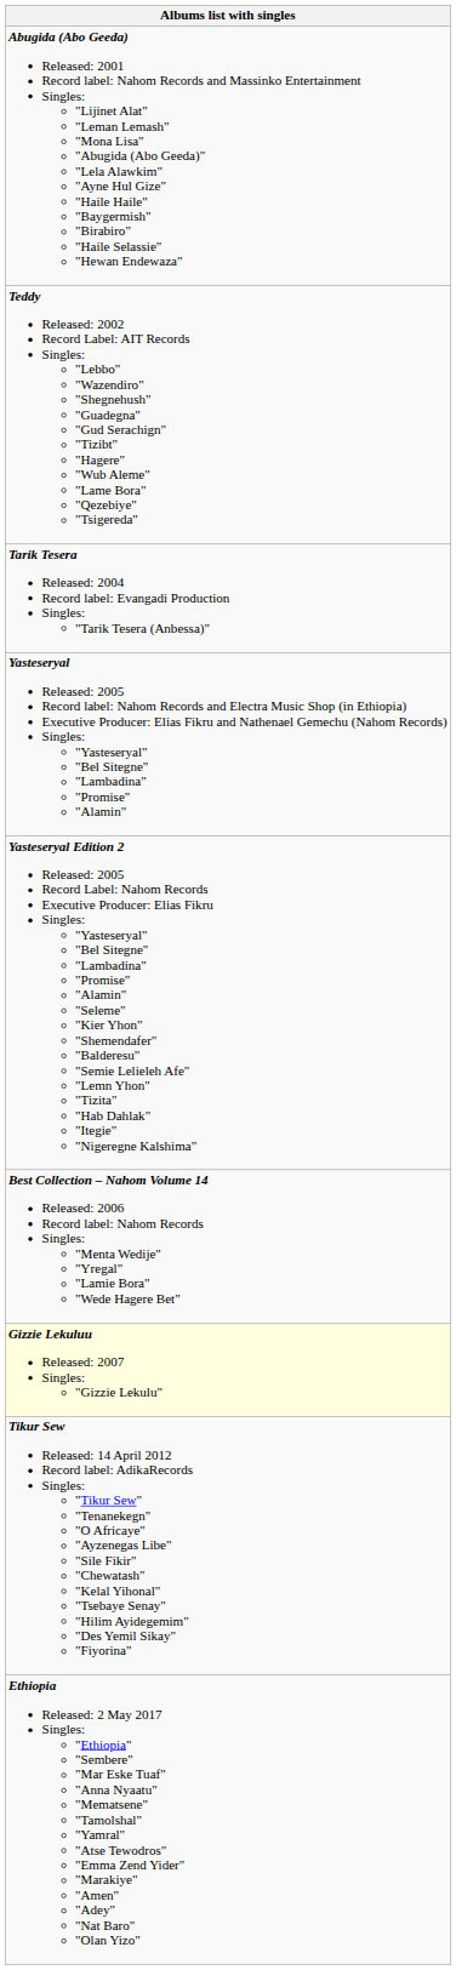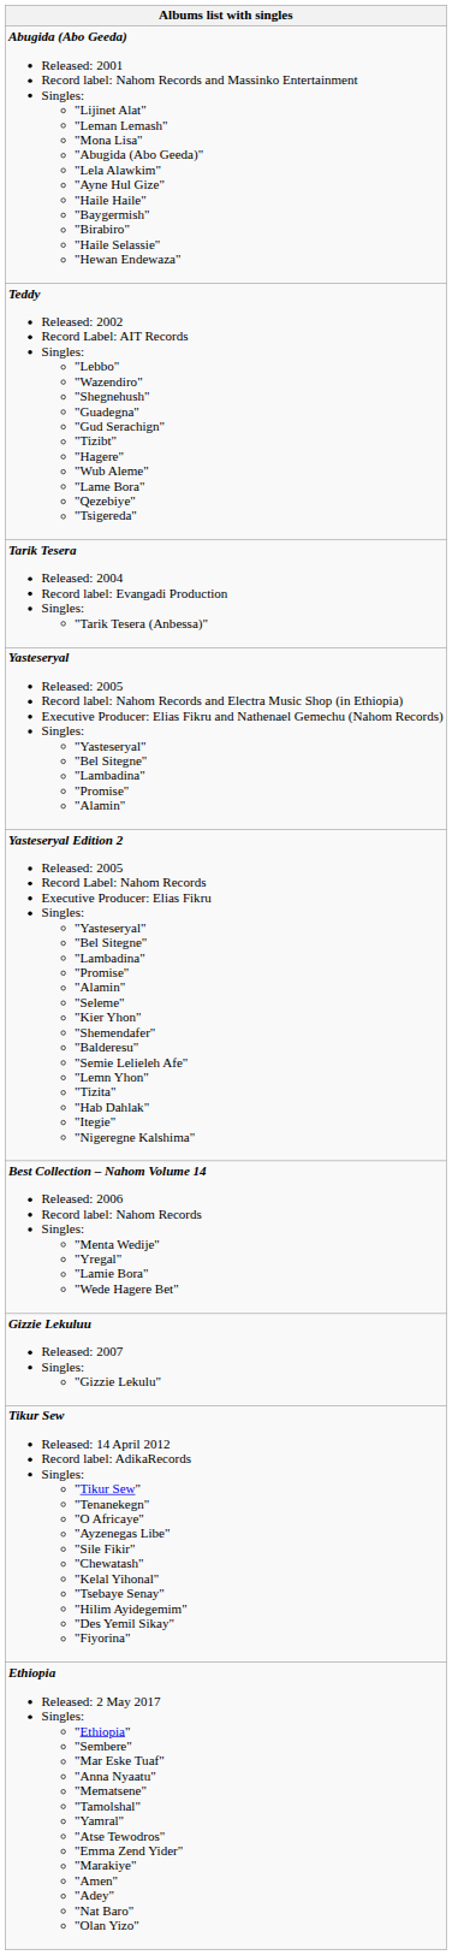 <table class="wikitable">
 <tr>
 <th>Albums list with singles</th>
 </tr>
 <tr>
 <td><strong><em>Abugida (Abo Geeda)</em></strong><br><ul><li>Released: 2001</li><li>Record label: Nahom Records and Massinko Entertainment</li><li>Singles:<ul><li>"Lijinet Alat"</li><li>"Leman Lemash"</li><li>"Mona Lisa"</li><li>"Abugida (Abo Geeda)"</li><li>"Lela Alawkim"</li><li>"Ayne Hul Gize"</li><li>"Haile Haile"</li><li>"Baygermish"</li><li>"Birabiro"</li><li>"Haile Selassie"</li><li>"Hewan Endewaza"</li></ul></li></ul></td>
 </tr>
 <tr>
 <td><strong><em>Teddy</em></strong><br><ul><li>Released: 2002</li><li>Record Label: AIT Records</li><li>Singles:<ul><li>"Lebbo"</li><li>"Wazendiro"</li><li>"Shegnehush"</li><li>"Guadegna"</li><li>"Gud Serachign"</li><li>"Tizibt"</li><li>"Hagere"</li><li>"Wub Aleme"</li><li>"Lame Bora"</li><li>"Qezebiye"</li><li>"Tsigereda"</li></ul></li></ul></td>
 </tr>
 <tr>
 <td><strong><em>Tarik Tesera</em></strong><br><ul><li>Released: 2004</li><li>Record label: Evangadi Production</li><li>Singles:<ul><li>"Tarik Tesera (Anbessa)"</li></ul></li></ul></td>
 </tr>
 <tr>
 <td><strong><em>Yasteseryal</em></strong><br><ul><li>Released: 2005</li><li>Record label: Nahom Records and Electra Music Shop (in Ethiopia)</li><li>Executive Producer: Elias Fikru and Nathenael Gemechu (Nahom Records)</li><li>Singles:<ul><li>"Yasteseryal"</li><li>"Bel Sitegne"</li><li>"Lambadina"</li><li>"Promise"</li><li>"Alamin"</li></ul></li></ul></td>
 </tr>
 <tr>
 <td><strong><em>Yasteseryal Edition 2</em></strong><br><ul><li>Released: 2005</li><li>Record Label: Nahom Records</li><li>Executive Producer: Elias Fikru</li><li>Singles:<ul><li>"Yasteseryal"</li><li>"Bel Sitegne"</li><li>"Lambadina"</li><li>"Promise"</li><li>"Alamin"</li><li>"Seleme"</li><li>"Kier Yhon"</li><li>"Shemendafer"</li><li>"Balderesu"</li><li>"Semie Lelieleh Afe"</li><li>"Lemn Yhon"</li><li>"Tizita"</li><li>"Hab Dahlak"</li><li>"Itegie"</li><li>"Nigeregne Kalshima"</li></ul></li></ul></td>
 </tr>
 <tr>
 <td><strong><em>Best Collection – Nahom Volume 14</em></strong><br><ul><li>Released: 2006</li><li>Record label: Nahom Records</li><li>Singles:<ul><li>"Menta Wedije"</li><li>"Yregal"</li><li>"Lamie Bora"</li><li>"Wede Hagere Bet"</li></ul></li></ul></td>
 </tr>
 <tr>
-<td style="background: lightyellow;"><strong><em>Gizzie Lekuluu</em></strong><br><ul><li>Released: 2007</li><li>Singles:<ul><li>"Gizzie Lekulu"</li></ul></li></ul></td>
+<td><strong><em>Gizzie Lekuluu</em></strong><br><ul><li>Released: 2007</li><li>Singles:<ul><li>"Gizzie Lekulu"</li></ul></li></ul></td>
 </tr>
 <tr>
 <td><strong><em>Tikur Sew</em></strong><br><ul><li>Released: 14 April 2012</li><li>Record label: AdikaRecords</li><li>Singles:<ul><li>"<a href='#'>Tikur Sew</a>"</li><li>"Tenanekegn"</li><li>"O Africaye"</li><li>"Ayzenegas Libe"</li><li>"Sile Fikir"</li><li>"Chewatash"</li><li>"Kelal Yihonal"</li><li>"Tsebaye Senay"</li><li>"Hilim Ayidegemim"</li><li>"Des Yemil Sikay"</li><li>"Fiyorina"</li></ul></li></ul></td>
 </tr>
 <tr>
 <td><strong><em>Ethiopia</em></strong><br><ul><li>Released: 2 May 2017</li><li>Singles:<ul><li>"<a href='#'>Ethiopia</a>"</li><li>"Sembere"</li><li>"Mar Eske Tuaf"</li><li>"Anna Nyaatu"</li><li>"Mematsene"</li><li>"Tamolshal"</li><li>"Yamral"</li><li>"Atse Tewodros"</li><li>"Emma Zend Yider"</li><li>"Marakiye"</li><li>"Amen"</li><li>"Adey"</li><li>"Nat Baro"</li><li>"Olan Yizo"</li></ul></li></ul></td>
 </tr>
 </table>
